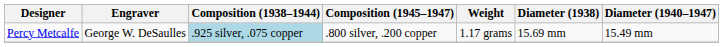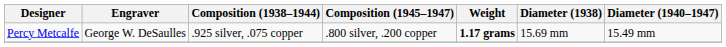 <table class="wikitable">
 <tr>
 <th>Designer</th>
 <th>Engraver</th>
 <th>Composition (1938–1944)</th>
 <th>Composition (1945–1947)</th>
 <th>Weight</th>
 <th>Diameter (1938)</th>
 <th>Diameter (1940–1947)</th>
 </tr>
 <tr>
 <td><a href='#'>Percy Metcalfe</a></td>
 <td>George W. DeSaulles</td>
-<td style="background: lightblue;">.925 silver, .075 copper</td>
+<td>.925 silver, .075 copper</td>
 <td>.800 silver, .200 copper</td>
-<td>1.17 grams</td>
+<td><strong>1.17 grams</strong></td>
 <td>15.69 mm</td>
 <td>15.49 mm</td>
 </tr>
 <tr>
 </tr>
 </table>
